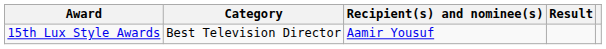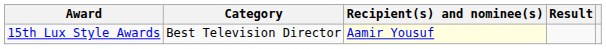 <table class="wikitable plainrowheaders sortable" style="font-size: 95%;">
 <tr>
 <th scope="col">Award</th>
 <th scope="col">Category</th>
 <th scope="col">Recipient(s) and nominee(s)</th>
 <th scope="col">Result</th>
 <th scope="col" class="unsortable"></th>
 </tr>
 <tr>
 <td><a href='#'>15th Lux Style Awards</a></td>
 <td>Best Television Director</td>
-<td><a href='#'>Aamir Yousuf</a></td>
+<td style="background: lightyellow;"><a href='#'>Aamir Yousuf</a></td>
 <td></td>
 <td style="text-align:center;"  rowspan="5"></td>
 </tr>
 </table>
